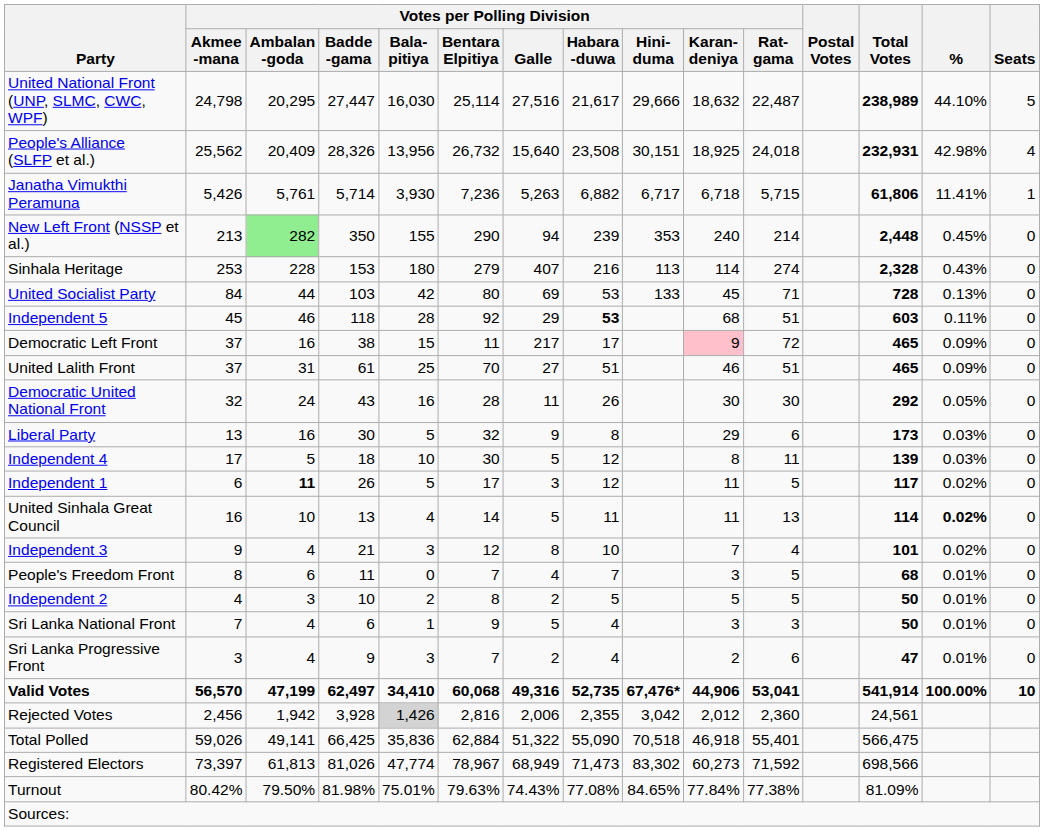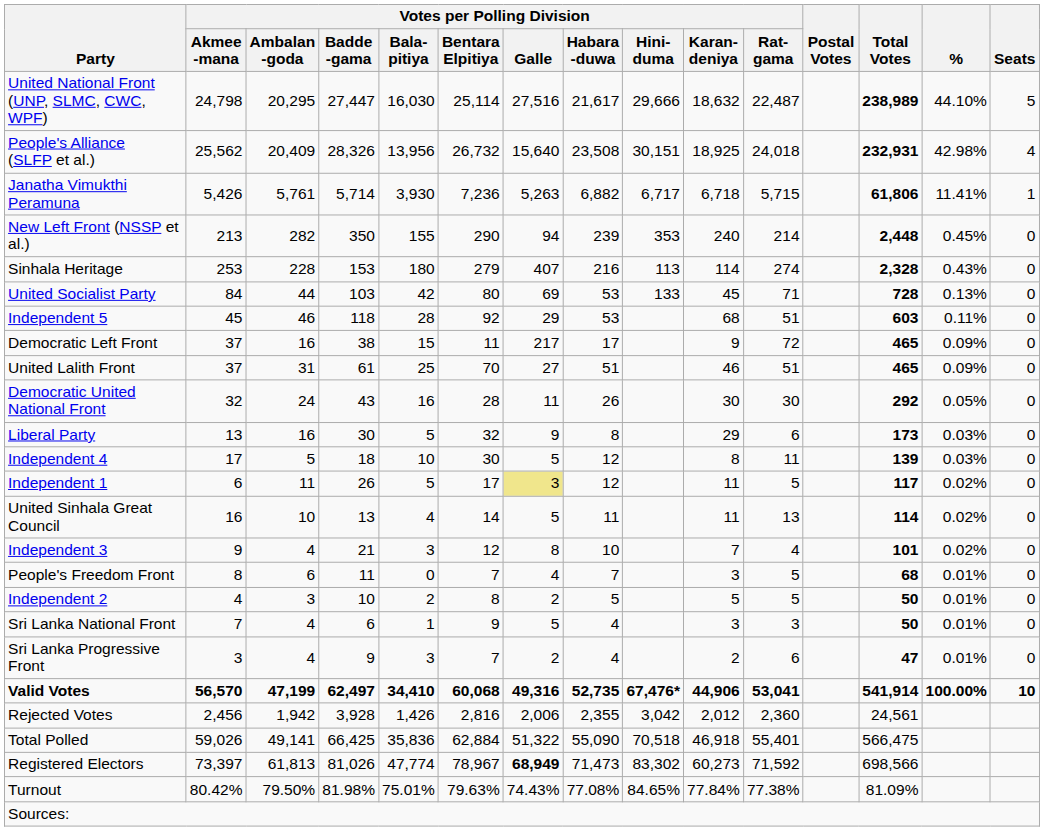 <table class="wikitable" border="1" style="text-align:right;">
 <tr>
 <th rowspan="2" align="left" valign="bottom" width="180">Party</th>
 <th colspan="10">Votes per Polling Division</th>
 <th rowspan="2" align="center" valign="bottom" width="50">Postal<br>Votes</th>
 <th rowspan="2" align="center" valign="bottom" width="50">Total Votes</th>
 <th rowspan="2" align="center" valign="bottom" width="50">%</th>
 <th rowspan="2" align="center" valign="bottom" width="40">Seats</th>
 </tr>
 <tr>
 <th align="center" valign="bottom" width="50">Akmee<br>-mana</th>
 <th align="center" valign="bottom" width="50">Ambalan<br>-goda</th>
 <th align="center" valign="bottom" width="50">Badde<br>-gama</th>
 <th align="center" valign="bottom" width="50">Bala-<br>pitiya</th>
 <th align="center" valign="bottom" width="50">Bentara<br>Elpitiya</th>
 <th align="center" valign="bottom" width="50">Galle</th>
 <th align="center" valign="bottom" width="50">Habara<br>-duwa</th>
 <th align="center" valign="bottom" width="50">Hini-<br>duma</th>
 <th align="center" valign="bottom" width="50">Karan-<br>deniya</th>
 <th align="center" valign="bottom" width="50">Rat-<br>gama</th>
 </tr>
 <tr>
 <td align="left"><a href='#'>United National Front</a><br>(<a href='#'>UNP</a>, <a href='#'>SLMC</a>, <a href='#'>CWC</a>, <a href='#'>WPF</a>)</td>
 <td>24,798</td>
 <td>20,295</td>
 <td>27,447</td>
 <td>16,030</td>
 <td>25,114</td>
 <td>27,516</td>
 <td>21,617</td>
 <td>29,666</td>
 <td>18,632</td>
 <td>22,487</td>
 <td></td>
 <td><strong>238,989</strong></td>
 <td>44.10%</td>
 <td>5</td>
 </tr>
 <tr>
 <td align="left"><a href='#'>People's Alliance</a><br>(<a href='#'>SLFP</a> et al.)</td>
 <td>25,562</td>
 <td>20,409</td>
 <td>28,326</td>
 <td>13,956</td>
 <td>26,732</td>
 <td>15,640</td>
 <td>23,508</td>
 <td>30,151</td>
 <td>18,925</td>
 <td>24,018</td>
 <td></td>
 <td><strong>232,931</strong></td>
 <td>42.98%</td>
 <td>4</td>
 </tr>
 <tr>
 <td align="left"><a href='#'>Janatha Vimukthi Peramuna</a></td>
 <td>5,426</td>
 <td>5,761</td>
 <td>5,714</td>
 <td>3,930</td>
 <td>7,236</td>
 <td>5,263</td>
 <td>6,882</td>
 <td>6,717</td>
 <td>6,718</td>
 <td>5,715</td>
 <td></td>
 <td><strong>61,806</strong></td>
 <td>11.41%</td>
 <td>1</td>
 </tr>
 <tr>
 <td align="left"><a href='#'>New Left Front</a> (<a href='#'>NSSP</a> et al.)</td>
 <td>213</td>
-<td style="background: lightgreen;">282</td>
+<td>282</td>
 <td>350</td>
 <td>155</td>
 <td>290</td>
 <td>94</td>
 <td>239</td>
 <td>353</td>
 <td>240</td>
 <td>214</td>
 <td></td>
 <td><strong>2,448</strong></td>
 <td>0.45%</td>
 <td>0</td>
 </tr>
 <tr>
 <td align="left">Sinhala Heritage</td>
 <td>253</td>
 <td>228</td>
 <td>153</td>
 <td>180</td>
 <td>279</td>
 <td>407</td>
 <td>216</td>
 <td>113</td>
 <td>114</td>
 <td>274</td>
 <td></td>
 <td><strong>2,328</strong></td>
 <td>0.43%</td>
 <td>0</td>
 </tr>
 <tr>
 <td align="left"><a href='#'>United Socialist Party</a></td>
 <td>84</td>
 <td>44</td>
 <td>103</td>
 <td>42</td>
 <td>80</td>
 <td>69</td>
 <td>53</td>
 <td>133</td>
 <td>45</td>
 <td>71</td>
 <td></td>
 <td><strong>728</strong></td>
 <td>0.13%</td>
 <td>0</td>
 </tr>
 <tr>
 <td align="left"><a href='#'>Independent 5</a></td>
 <td>45</td>
 <td>46</td>
 <td>118</td>
 <td>28</td>
 <td>92</td>
 <td>29</td>
-<td><strong>53</strong></td>
+<td>53</td>
 <td></td>
 <td>68</td>
 <td>51</td>
 <td></td>
 <td><strong>603</strong></td>
 <td>0.11%</td>
 <td>0</td>
 </tr>
 <tr>
 <td align="left">Democratic Left Front</td>
 <td>37</td>
 <td>16</td>
 <td>38</td>
 <td>15</td>
 <td>11</td>
 <td>217</td>
 <td>17</td>
 <td></td>
-<td style="background: pink;">9</td>
+<td>9</td>
 <td>72</td>
 <td></td>
 <td><strong>465</strong></td>
 <td>0.09%</td>
 <td>0</td>
 </tr>
 <tr>
 <td align="left">United Lalith Front</td>
 <td>37</td>
 <td>31</td>
 <td>61</td>
 <td>25</td>
 <td>70</td>
 <td>27</td>
 <td>51</td>
 <td></td>
 <td>46</td>
 <td>51</td>
 <td></td>
 <td><strong>465</strong></td>
 <td>0.09%</td>
 <td>0</td>
 </tr>
 <tr>
 <td align="left"><a href='#'>Democratic United National Front</a></td>
 <td>32</td>
 <td>24</td>
 <td>43</td>
 <td>16</td>
 <td>28</td>
 <td>11</td>
 <td>26</td>
 <td></td>
 <td>30</td>
 <td>30</td>
 <td></td>
 <td><strong>292</strong></td>
 <td>0.05%</td>
 <td>0</td>
 </tr>
 <tr>
 <td align="left"><a href='#'>Liberal Party</a></td>
 <td>13</td>
 <td>16</td>
 <td>30</td>
 <td>5</td>
 <td>32</td>
 <td>9</td>
 <td>8</td>
 <td></td>
 <td>29</td>
 <td>6</td>
 <td></td>
 <td><strong>173</strong></td>
 <td>0.03%</td>
 <td>0</td>
 </tr>
 <tr>
 <td align="left"><a href='#'>Independent 4</a></td>
 <td>17</td>
 <td>5</td>
 <td>18</td>
 <td>10</td>
 <td>30</td>
 <td>5</td>
 <td>12</td>
 <td></td>
 <td>8</td>
 <td>11</td>
 <td></td>
 <td><strong>139</strong></td>
 <td>0.03%</td>
 <td>0</td>
 </tr>
 <tr>
 <td align="left"><a href='#'>Independent 1</a></td>
 <td>6</td>
-<td><strong>11</strong></td>
+<td>11</td>
 <td>26</td>
 <td>5</td>
 <td>17</td>
-<td>3</td>
+<td style="background: khaki;">3</td>
 <td>12</td>
 <td></td>
 <td>11</td>
 <td>5</td>
 <td></td>
 <td><strong>117</strong></td>
 <td>0.02%</td>
 <td>0</td>
 </tr>
 <tr>
 <td align="left">United Sinhala Great Council</td>
 <td>16</td>
 <td>10</td>
 <td>13</td>
 <td>4</td>
 <td>14</td>
 <td>5</td>
 <td>11</td>
 <td></td>
 <td>11</td>
 <td>13</td>
 <td></td>
 <td><strong>114</strong></td>
-<td><strong>0.02%</strong></td>
+<td>0.02%</td>
 <td>0</td>
 </tr>
 <tr>
 <td align="left"><a href='#'>Independent 3</a></td>
 <td>9</td>
 <td>4</td>
 <td>21</td>
 <td>3</td>
 <td>12</td>
 <td>8</td>
 <td>10</td>
 <td></td>
 <td>7</td>
 <td>4</td>
 <td></td>
 <td><strong>101</strong></td>
 <td>0.02%</td>
 <td>0</td>
 </tr>
 <tr>
 <td align="left">People's Freedom Front</td>
 <td>8</td>
 <td>6</td>
 <td>11</td>
 <td>0</td>
 <td>7</td>
 <td>4</td>
 <td>7</td>
 <td></td>
 <td>3</td>
 <td>5</td>
 <td></td>
 <td><strong>68</strong></td>
 <td>0.01%</td>
 <td>0</td>
 </tr>
 <tr>
 <td align="left"><a href='#'>Independent 2</a></td>
 <td>4</td>
 <td>3</td>
 <td>10</td>
 <td>2</td>
 <td>8</td>
 <td>2</td>
 <td>5</td>
 <td></td>
 <td>5</td>
 <td>5</td>
 <td></td>
 <td><strong>50</strong></td>
 <td>0.01%</td>
 <td>0</td>
 </tr>
 <tr>
 <td align="left">Sri Lanka National Front</td>
 <td>7</td>
 <td>4</td>
 <td>6</td>
 <td>1</td>
 <td>9</td>
 <td>5</td>
 <td>4</td>
 <td></td>
 <td>3</td>
 <td>3</td>
 <td></td>
 <td><strong>50</strong></td>
 <td>0.01%</td>
 <td>0</td>
 </tr>
 <tr>
 <td align="left">Sri Lanka Progressive Front</td>
 <td>3</td>
 <td>4</td>
 <td>9</td>
 <td>3</td>
 <td>7</td>
 <td>2</td>
 <td>4</td>
 <td></td>
 <td>2</td>
 <td>6</td>
 <td></td>
 <td><strong>47</strong></td>
 <td>0.01%</td>
 <td>0</td>
 </tr>
 <tr>
 <td align="left"><strong>Valid Votes</strong></td>
 <td><strong>56,570</strong></td>
 <td><strong>47,199</strong></td>
 <td><strong>62,497</strong></td>
 <td><strong>34,410</strong></td>
 <td><strong>60,068</strong></td>
 <td><strong>49,316</strong></td>
 <td><strong>52,735</strong></td>
 <td><strong>67,476*</strong></td>
 <td><strong>44,906</strong></td>
 <td><strong>53,041</strong></td>
 <td></td>
 <td><strong>541,914</strong></td>
 <td><strong>100.00%</strong></td>
 <td><strong>10</strong></td>
 </tr>
 <tr>
 <td align="left">Rejected Votes</td>
 <td>2,456</td>
 <td>1,942</td>
 <td>3,928</td>
-<td style="background: lightgrey;">1,426</td>
+<td>1,426</td>
 <td>2,816</td>
 <td>2,006</td>
 <td>2,355</td>
 <td>3,042</td>
 <td>2,012</td>
 <td>2,360</td>
 <td></td>
 <td>24,561</td>
 <td></td>
 <td></td>
 </tr>
 <tr>
 <td align="left">Total Polled</td>
 <td>59,026</td>
 <td>49,141</td>
 <td>66,425</td>
 <td>35,836</td>
 <td>62,884</td>
 <td>51,322</td>
 <td>55,090</td>
 <td>70,518</td>
 <td>46,918</td>
 <td>55,401</td>
 <td></td>
 <td>566,475</td>
 <td></td>
 <td></td>
 </tr>
 <tr>
 <td align="left">Registered Electors</td>
 <td>73,397</td>
 <td>61,813</td>
 <td>81,026</td>
 <td>47,774</td>
 <td>78,967</td>
-<td>68,949</td>
+<td><strong>68,949</strong></td>
 <td>71,473</td>
 <td>83,302</td>
 <td>60,273</td>
 <td>71,592</td>
 <td></td>
 <td>698,566</td>
 <td></td>
 <td></td>
 </tr>
 <tr>
 <td align="left">Turnout</td>
 <td>80.42%</td>
 <td>79.50%</td>
 <td>81.98%</td>
 <td>75.01%</td>
 <td>79.63%</td>
 <td>74.43%</td>
 <td>77.08%</td>
 <td>84.65%</td>
 <td>77.84%</td>
 <td>77.38%</td>
 <td></td>
 <td>81.09%</td>
 <td></td>
 <td></td>
 </tr>
 <tr>
 <td colspan="16" align="left">Sources:</td>
 </tr>
 </table>
